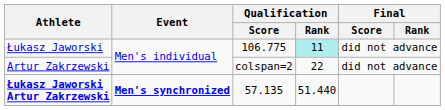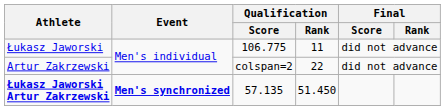 <table class="wikitable" style="text-align:center; font-size:90%">
 <tr>
 <th rowspan=2>Athlete</th>
 <th rowspan=2>Event</th>
 <th colspan=2>Qualification</th>
 <th colspan=2>Final</th>
 </tr>
 <tr style="font-size:95%">
 <th>Score</th>
 <th>Rank</th>
 <th>Score</th>
 <th>Rank</th>
 </tr>
 <tr>
 <td align=left><a href='#'>Łukasz Jaworski</a></td>
 <td align=left rowspan=2><a href='#'>Men's individual</a></td>
 <td>106.775</td>
-<td style="background: paleturquoise;">11</td>
+<td>11</td>
 <td colspan=2>did not advance</td>
 </tr>
 <tr>
 <td align=left><a href='#'>Artur Zakrzewski</a></td>
 <td>colspan=2 </td>
 <td>22</td>
 <td colspan=2>did not advance</td>
 </tr>
 <tr>
 <td align=left><strong><a href='#'>Łukasz Jaworski</a><br><a href='#'>Artur Zakrzewski</a></strong></td>
 <td align=left><strong><a href='#'>Men's synchronized</a></strong></td>
 <td>57.135</td>
-<td>51.440</td>
+<td>51.450</td>
 <td></td>
 </tr>
 </table>
